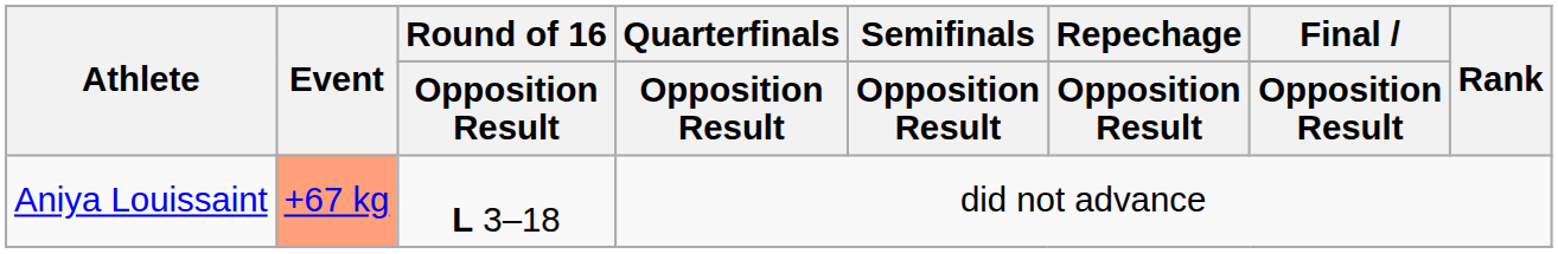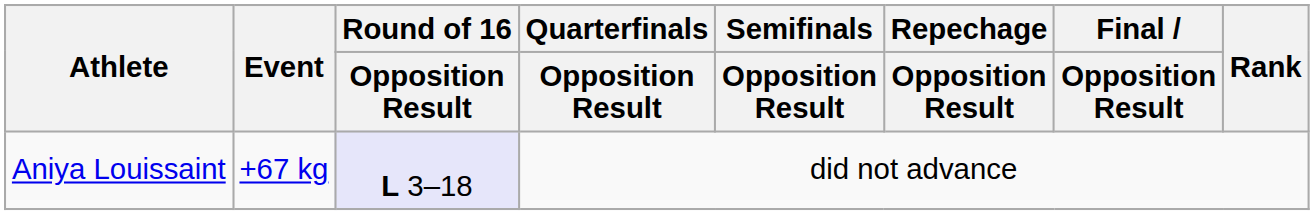 <table class="wikitable" style="font-size:90%">
 <tr>
 <th rowspan="2">Athlete</th>
 <th rowspan="2">Event</th>
 <th>Round of 16</th>
 <th>Quarterfinals</th>
 <th>Semifinals</th>
 <th>Repechage</th>
 <th>Final / </th>
 <th rowspan="2">Rank</th>
 </tr>
 <tr>
 <th>Opposition<br>Result</th>
 <th>Opposition<br>Result</th>
 <th>Opposition<br>Result</th>
 <th>Opposition<br>Result</th>
 <th>Opposition<br>Result</th>
 </tr>
 <tr align=center>
 <td align=left><a href='#'>Aniya Louissaint</a></td>
-<td align=left style="background: lightsalmon;"><a href='#'>+67 kg</a></td>
-<td><br><strong>L</strong> 3–18</td>
+<td align=left><a href='#'>+67 kg</a></td>
+<td style="background: lavender;"><br><strong>L</strong> 3–18</td>
 <td colspan=5>did not advance</td>
 </tr>
 </table>
